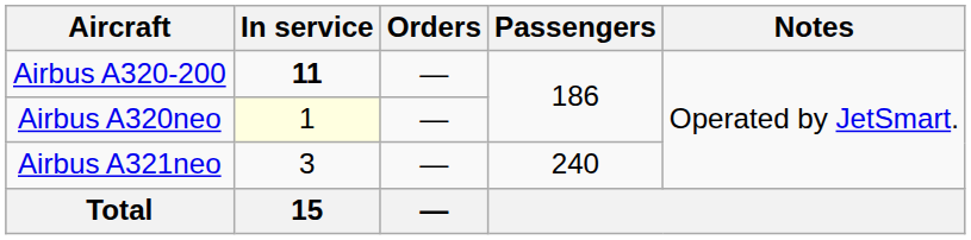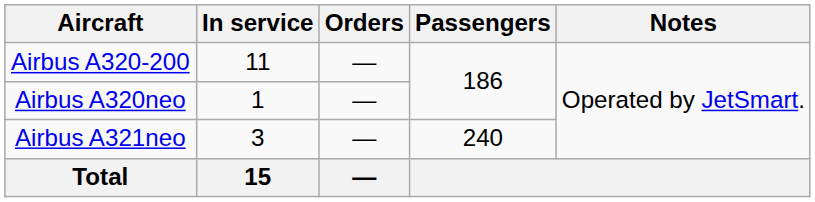 <table class="wikitable" style="margin:1em auto; border-collapse:collapse;text-align:center">
 <tr>
 <th style="width:120px">Aircraft</th>
 <th>In service</th>
 <th>Orders</th>
 <th>Passengers</th>
 <th>Notes</th>
 </tr>
 <tr>
 <td><a href='#'>Airbus A320-200</a></td>
-<td><strong>11</strong></td>
+<td>11</td>
 <td>—</td>
 <td rowspan="2">186</td>
 <td rowspan="3">Operated by <a href='#'>JetSmart</a>.</td>
 </tr>
 <tr>
 <td><a href='#'>Airbus A320neo</a></td>
-<td style="background: lightyellow;">1</td>
+<td>1</td>
 <td>—</td>
 </tr>
 <tr>
 <td><a href='#'>Airbus A321neo</a></td>
 <td>3</td>
 <td>—</td>
 <td>240</td>
 </tr>
 <tr>
 <th>Total</th>
 <th>15</th>
 <th>—</th>
 <th colspan="2"></th>
 </tr>
 </table>
